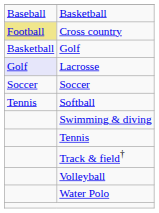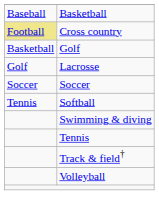 <table class="wikitable" style= " ">
 <tr>
 </tr>
 <tr>
 <td><a href='#'>Baseball</a></td>
 <td><a href='#'>Basketball</a></td>
 </tr>
 <tr>
 <td style="background: khaki;"><a href='#'>Football</a></td>
 <td><a href='#'>Cross country</a></td>
 </tr>
 <tr>
 <td><a href='#'>Basketball</a></td>
 <td><a href='#'>Golf</a></td>
 </tr>
 <tr>
-<td style="background: lavender;"><a href='#'>Golf</a></td>
+<td><a href='#'>Golf</a></td>
 <td><a href='#'>Lacrosse</a></td>
 </tr>
 <tr>
 <td><a href='#'>Soccer</a></td>
 <td><a href='#'>Soccer</a></td>
 </tr>
 <tr>
 <td><a href='#'>Tennis</a></td>
 <td><a href='#'>Softball</a></td>
 </tr>
 <tr>
 <td></td>
 <td><a href='#'>Swimming & diving</a></td>
 </tr>
 <tr>
 <td></td>
 <td><a href='#'>Tennis</a></td>
 </tr>
 <tr>
 <td></td>
 <td><a href='#'>Track & field</a><sup>†</sup></td>
 </tr>
 <tr>
 <td></td>
 <td><a href='#'>Volleyball</a></td>
 </tr>
 <tr>
-<td></td>
-<td><a href='#'>Water Polo</a></td>
-</tr>
-<tr>
 <td colspan="2"></td>
 </tr>
 </table>
